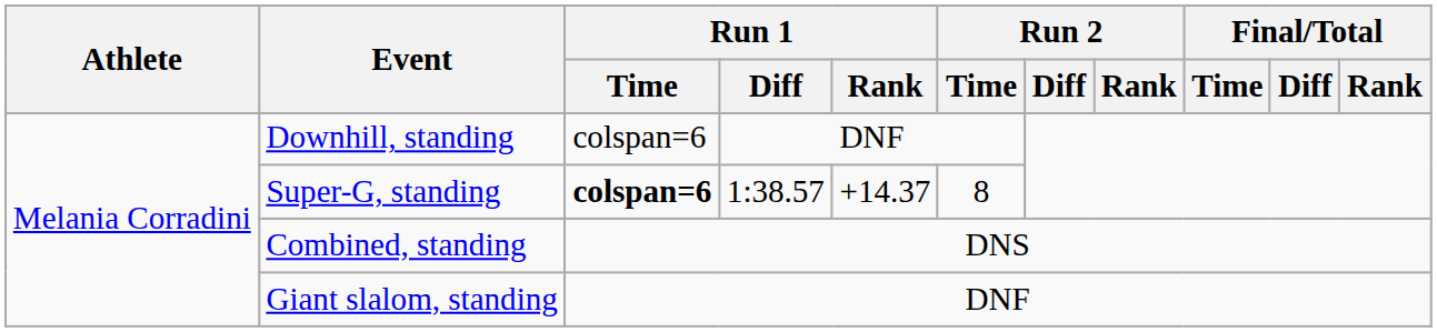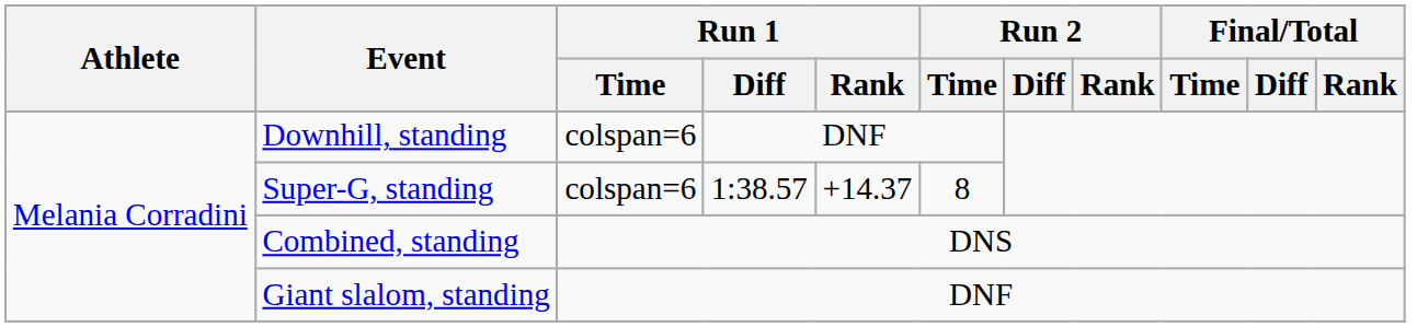 <table class="wikitable" style="font-size:90%">
 <tr>
 <th rowspan="2">Athlete</th>
 <th rowspan="2">Event</th>
 <th colspan="3">Run 1</th>
 <th colspan="3">Run 2</th>
 <th colspan="3">Final/Total</th>
 </tr>
 <tr>
 <th>Time</th>
 <th>Diff</th>
 <th>Rank</th>
 <th>Time</th>
 <th>Diff</th>
 <th>Rank</th>
 <th>Time</th>
 <th>Diff</th>
 <th>Rank</th>
 </tr>
 <tr>
 <td rowspan=4><a href='#'>Melania Corradini</a></td>
 <td><a href='#'>Downhill, standing</a></td>
 <td>colspan=6 </td>
 <td align="center" colspan=3>DNF</td>
 </tr>
 <tr>
 <td><a href='#'>Super-G, standing</a></td>
-<td><strong>colspan=6 </strong></td>
+<td>colspan=6 </td>
 <td align="center">1:38.57</td>
 <td align="center">+14.37</td>
 <td align="center">8</td>
 </tr>
 <tr>
 <td><a href='#'>Combined, standing</a></td>
 <td align="center" colspan=9>DNS</td>
 </tr>
 <tr>
 <td><a href='#'>Giant slalom, standing</a></td>
 <td align="center" colspan=9>DNF</td>
 </tr>
 </table>
